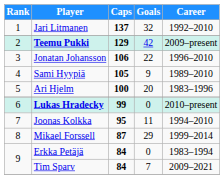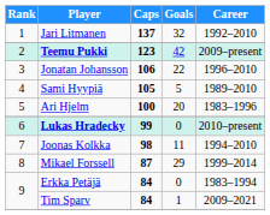 <table class="wikitable sortable" style="text-align:center;">
 <tr>
 <th style="background-color:#1E90FF; color:white; ">Rank</th>
 <th style="background-color:#1E90FF; color:white; ">Player</th>
 <th style="background-color:#1E90FF; color:white; ">Caps</th>
 <th style="background-color:#1E90FF; color:white; ">Goals</th>
 <th style="background-color:#1E90FF; color:white; ">Career</th>
 </tr>
 <tr>
 <td>1</td>
 <td align="left"><a href='#'>Jari Litmanen</a></td>
 <td><strong>137</strong></td>
 <td>32</td>
 <td>1992–2010</td>
 </tr>
 <tr>
 </tr>
 <tr bgcolor=#CEF2EC>
 <td>2</td>
 <td align="left"><strong><a href='#'>Teemu Pukki</a></strong></td>
-<td><strong>129</strong></td>
+<td><strong>123</strong></td>
 <td><a href='#'>42</a></td>
 <td>2009–present</td>
 </tr>
 <tr>
 <td>3</td>
 <td align="left"><a href='#'>Jonatan Johansson</a></td>
 <td><strong>106</strong></td>
 <td>22</td>
 <td>1996–2010</td>
 </tr>
 <tr>
 <td>4</td>
 <td align="left"><a href='#'>Sami Hyypiä</a></td>
 <td><strong>105</strong></td>
-<td>9</td>
+<td>5</td>
 <td>1989–2010</td>
 </tr>
 <tr>
 <td>5</td>
 <td align="left"><a href='#'>Ari Hjelm</a></td>
 <td><strong>100</strong></td>
 <td>20</td>
 <td>1983–1996</td>
 </tr>
 <tr>
 </tr>
 <tr bgcolor=#CEF2EC>
 <td>6</td>
 <td align="left"><strong><a href='#'>Lukas Hradecky</a></strong></td>
 <td><strong>99</strong></td>
 <td>0</td>
 <td>2010–present</td>
 </tr>
 <tr>
 <td>7</td>
 <td align="left"><a href='#'>Joonas Kolkka</a></td>
-<td><strong>95</strong></td>
+<td><strong>98</strong></td>
 <td>11</td>
 <td>1994–2010</td>
 </tr>
 <tr>
 <td>8</td>
 <td align="left"><a href='#'>Mikael Forssell</a></td>
 <td><strong>87</strong></td>
 <td>29</td>
 <td>1999–2014</td>
 </tr>
 <tr>
 <td rowspan="2">9</td>
 <td align="left"><a href='#'>Erkka Petäjä</a></td>
 <td><strong>84</strong></td>
 <td>0</td>
 <td>1983–1994</td>
 </tr>
 <tr>
 <td align="left"><a href='#'>Tim Sparv</a></td>
 <td><strong>84</strong></td>
-<td>7</td>
+<td>1</td>
 <td>2009–2021</td>
 </tr>
 <tr>
 </tr>
 </table>
